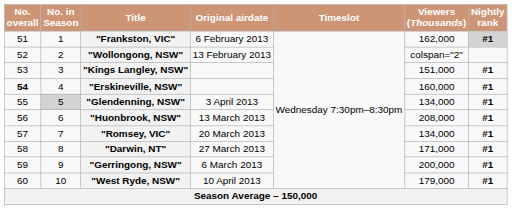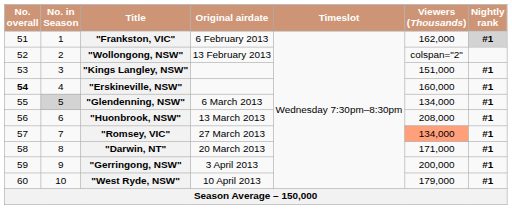 <table class="wikitable" style="text-align:center;">
 <tr>
 <th scope="col" style="background:#CD9575; color:white;">No. <br>overall</th>
 <th scope="col" style="background:#CD9575; color:white;">No. in<br> Season</th>
 <th scope="col" style="background:#CD9575; color:white;">Title</th>
 <th scope="col" style="background:#CD9575; color:white;">Original airdate</th>
 <th scope="row" style="background:#CD9575; color:white;">Timeslot</th>
 <th scope="col" style="background:#CD9575; color:white;">Viewers<br>(<em>Thousands</em>)</th>
 <th scope="col" style="background:#CD9575; color:white;">Nightly<br>rank</th>
 </tr>
 <tr>
 <td>51</td>
 <td>1</td>
 <th>"Frankston, VIC"</th>
 <td>6 February 2013</td>
 <td rowspan="10">Wednesday 7:30pm–8:30pm</td>
 <td>162,000</td>
 <td style="background: lightgrey;"><strong>#1</strong></td>
 </tr>
 <tr>
 <td>52</td>
 <td>2</td>
 <th>"Wollongong, NSW"</th>
 <td>13 February 2013</td>
 <td>colspan="2" </td>
 </tr>
 <tr>
 <td>53</td>
 <td>3</td>
 <th>"Kings Langley, NSW"</th>
 <td></td>
 <td>151,000</td>
 <td><strong>#1</strong></td>
 </tr>
 <tr>
 <td><strong>54</strong></td>
 <td>4</td>
 <th>"Erskineville, NSW"</th>
 <td></td>
 <td>160,000</td>
 <td><strong>#1</strong></td>
 </tr>
 <tr>
 <td>55</td>
 <td style="background: lightgrey;">5</td>
 <th>"Glendenning, NSW"</th>
-<td>3 April 2013</td>
+<td>6 March 2013</td>
 <td>134,000</td>
 <td><strong>#1</strong></td>
 </tr>
 <tr>
 <td>56</td>
 <td>6</td>
 <th>"Huonbrook, NSW"</th>
 <td>13 March 2013</td>
 <td>208,000</td>
 <td><strong>#1</strong></td>
 </tr>
 <tr>
 <td>57</td>
 <td>7</td>
 <th>"Romsey, VIC"</th>
-<td>20 March 2013</td>
-<td>134,000</td>
+<td>27 March 2013</td>
+<td style="background: lightsalmon;">134,000</td>
 <td><strong>#1</strong></td>
 </tr>
 <tr>
 <td>58</td>
 <td>8</td>
 <th>"Darwin, NT"</th>
-<td>27 March 2013</td>
+<td>20 March 2013</td>
 <td>171,000</td>
 <td><strong>#1</strong></td>
 </tr>
 <tr>
 <td>59</td>
 <td>9</td>
 <th>"Gerringong, NSW"</th>
-<td>6 March 2013</td>
+<td>3 April 2013</td>
 <td>200,000</td>
 <td><strong>#1</strong></td>
 </tr>
 <tr>
 <td>60</td>
 <td>10</td>
 <th>"West Ryde, NSW"</th>
 <td>10 April 2013</td>
 <td>179,000</td>
 <td><strong>#1</strong></td>
 </tr>
 <tr>
 <th colspan="7">Season Average – 150,000</th>
 </tr>
 </table>
